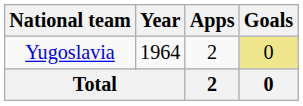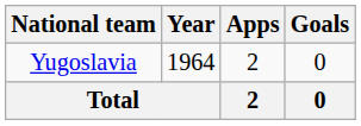 <table class="wikitable" style="text-align:center">
 <tr>
 <th>National team</th>
 <th>Year</th>
 <th>Apps</th>
 <th>Goals</th>
 </tr>
 <tr>
 <td><a href='#'>Yugoslavia</a></td>
 <td>1964</td>
 <td>2</td>
-<td style="background: khaki;">0</td>
+<td>0</td>
 </tr>
 <tr>
 <th colspan="2">Total</th>
 <th>2</th>
 <th>0</th>
 </tr>
 </table>
